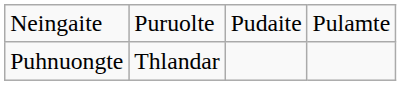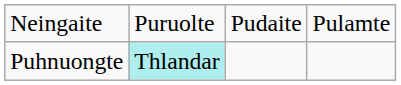 <table class="wikitable">
 <tr>
 <td>Neingaite</td>
 <td>Puruolte</td>
 <td>Pudaite</td>
 <td>Pulamte</td>
 </tr>
 <tr>
 <td>Puhnuongte</td>
-<td>Thlandar</td>
+<td style="background: paleturquoise;">Thlandar</td>
 <td></td>
 <td></td>
 </tr>
 </table>
